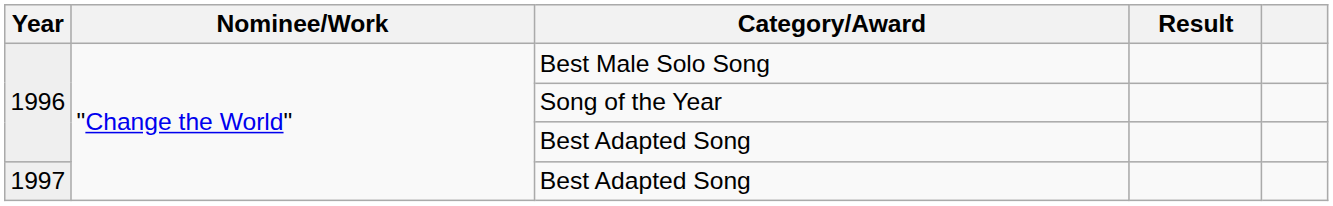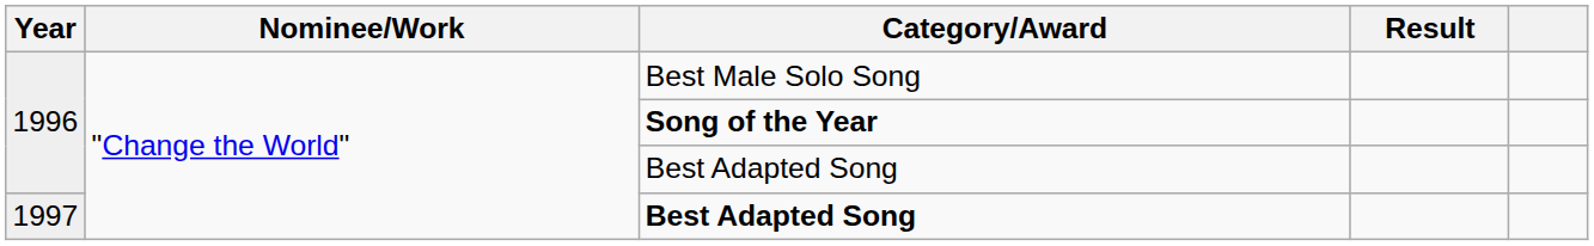 <table class="wikitable">
 <tr>
 <th width=5%>Year</th>
 <th width=35%>Nominee/Work</th>
 <th width=45%>Category/Award</th>
 <th width=10%>Result</th>
 <th width=5%></th>
 </tr>
 <tr>
 <td rowspan="3" bgcolor="#efefef">1996</td>
 <td rowspan="4">"<a href='#'>Change the World</a>"</td>
 <td>Best Male Solo Song</td>
 <td></td>
 <td style="text-align:center;"></td>
 </tr>
 <tr>
-<td>Song of the Year</td>
+<td><strong>Song of the Year</strong></td>
 <td></td>
 <td style="text-align:center;"></td>
 </tr>
 <tr>
 <td>Best Adapted Song</td>
 <td></td>
 <td style="text-align:center;"></td>
 </tr>
 <tr>
 <td bgcolor="#efefef">1997</td>
-<td>Best Adapted Song</td>
+<td><strong>Best Adapted Song</strong></td>
 <td></td>
 <td style="text-align:center;"></td>
 </tr>
 </table>
